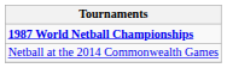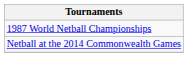 <table class="wikitable collapsible">
 <tr>
 <th>Tournaments</th>
 </tr>
 <tr>
-<td><strong><a href='#'>1987 World Netball Championships</a></strong></td>
+<td><a href='#'>1987 World Netball Championships</a></td>
 </tr>
 <tr>
 <td><a href='#'>Netball at the 2014 Commonwealth Games</a></td>
 </tr>
 <tr>
 </tr>
 </table>
